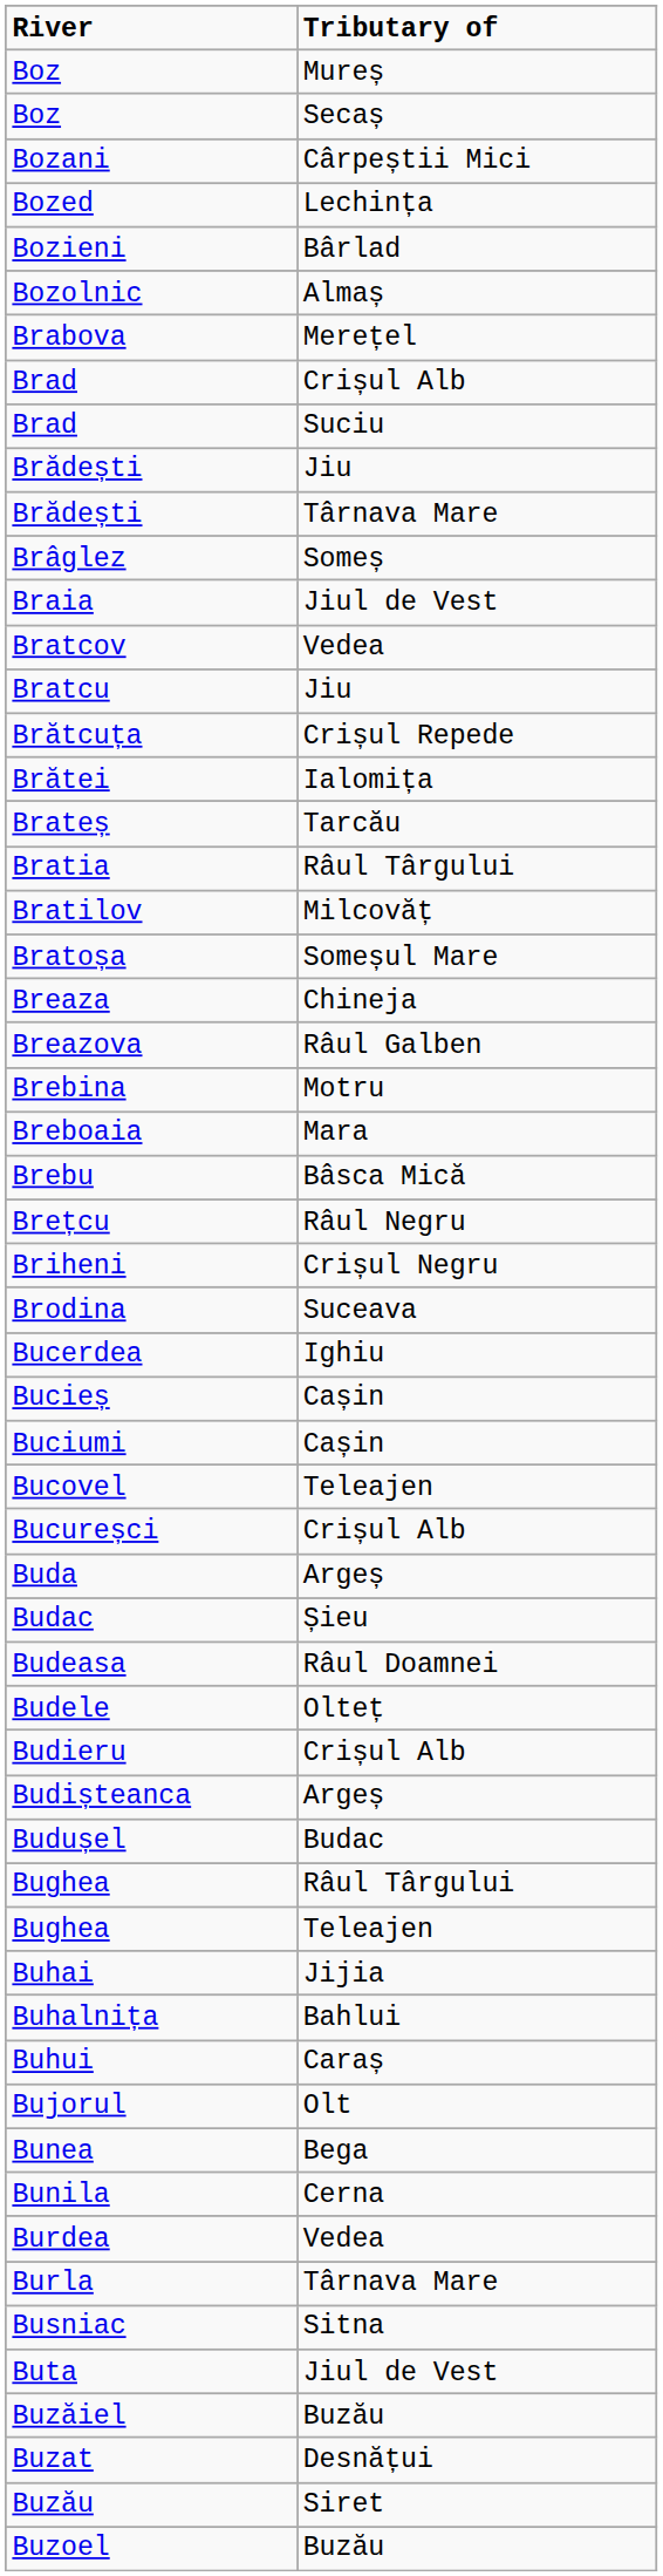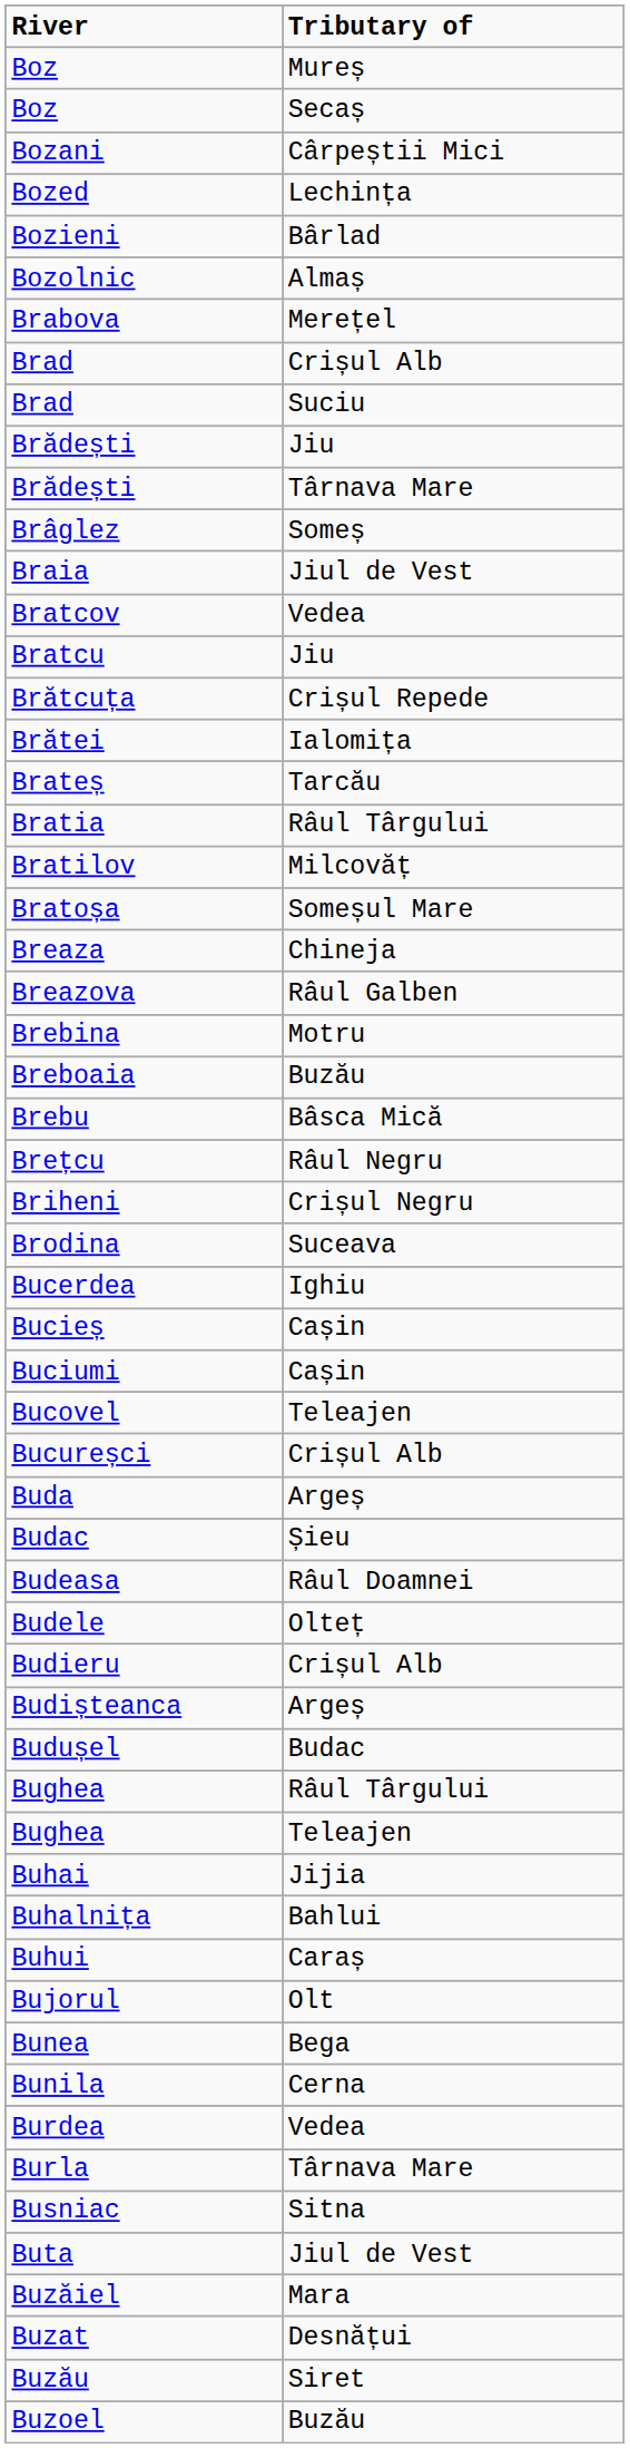 <table class="wikitable">
 <tr>
 <td style="width:100pt;"><strong>River</strong></td>
 <td style="width:125pt;"><strong>Tributary of</strong></td>
 </tr>
 <tr>
 <td><a href='#'>Boz</a></td>
 <td>Mureș</td>
 </tr>
 <tr>
 <td><a href='#'>Boz</a></td>
 <td>Secaș</td>
 </tr>
 <tr>
 <td><a href='#'>Bozani</a></td>
 <td>Cârpeștii Mici</td>
 </tr>
 <tr>
 <td><a href='#'>Bozed</a></td>
 <td>Lechința</td>
 </tr>
 <tr>
 <td><a href='#'>Bozieni</a></td>
 <td>Bârlad</td>
 </tr>
 <tr>
 <td><a href='#'>Bozolnic</a></td>
 <td>Almaș</td>
 </tr>
 <tr>
 <td><a href='#'>Brabova</a></td>
 <td>Merețel</td>
 </tr>
 <tr>
 <td><a href='#'>Brad</a></td>
 <td>Crișul Alb</td>
 </tr>
 <tr>
 <td><a href='#'>Brad</a></td>
 <td>Suciu</td>
 </tr>
 <tr>
 <td><a href='#'>Brădești</a></td>
 <td>Jiu</td>
 </tr>
 <tr>
 <td><a href='#'>Brădești</a></td>
 <td>Târnava Mare</td>
 </tr>
 <tr>
 <td><a href='#'>Brâglez</a></td>
 <td>Someș</td>
 </tr>
 <tr>
 <td><a href='#'>Braia</a></td>
 <td>Jiul de Vest</td>
 </tr>
 <tr>
 <td><a href='#'>Bratcov</a></td>
 <td>Vedea</td>
 </tr>
 <tr>
 <td><a href='#'>Bratcu</a></td>
 <td>Jiu</td>
 </tr>
 <tr>
 <td><a href='#'>Brătcuța</a></td>
 <td>Crișul Repede</td>
 </tr>
 <tr>
 <td><a href='#'>Brătei</a></td>
 <td>Ialomița</td>
 </tr>
 <tr>
 <td><a href='#'>Brateș</a></td>
 <td>Tarcău</td>
 </tr>
 <tr>
 <td><a href='#'>Bratia</a></td>
 <td>Râul Târgului</td>
 </tr>
 <tr>
 <td><a href='#'>Bratilov</a></td>
 <td>Milcovăț</td>
 </tr>
 <tr>
 <td><a href='#'>Bratoșa</a></td>
 <td>Someșul Mare</td>
 </tr>
 <tr>
 <td><a href='#'>Breaza</a></td>
 <td>Chineja</td>
 </tr>
 <tr>
 <td><a href='#'>Breazova</a></td>
 <td>Râul Galben</td>
 </tr>
 <tr>
 <td><a href='#'>Brebina</a></td>
 <td>Motru</td>
 </tr>
 <tr>
 <td><a href='#'>Breboaia</a></td>
-<td>Mara</td>
+<td>Buzău</td>
 </tr>
 <tr>
 <td><a href='#'>Brebu</a></td>
 <td>Bâsca Mică</td>
 </tr>
 <tr>
 <td><a href='#'>Brețcu</a></td>
 <td>Râul Negru</td>
 </tr>
 <tr>
 <td><a href='#'>Briheni</a></td>
 <td>Crișul Negru</td>
 </tr>
 <tr>
 <td><a href='#'>Brodina</a></td>
 <td>Suceava</td>
 </tr>
 <tr>
 <td><a href='#'>Bucerdea</a></td>
 <td>Ighiu</td>
 </tr>
 <tr>
 <td><a href='#'>Bucieș</a></td>
 <td>Cașin</td>
 </tr>
 <tr>
 <td><a href='#'>Buciumi</a></td>
 <td>Cașin</td>
 </tr>
 <tr>
 <td><a href='#'>Bucovel</a></td>
 <td>Teleajen</td>
 </tr>
 <tr>
 <td><a href='#'>Bucureșci</a></td>
 <td>Crișul Alb</td>
 </tr>
 <tr>
 <td><a href='#'>Buda</a></td>
 <td>Argeș</td>
 </tr>
 <tr>
 <td><a href='#'>Budac</a></td>
 <td>Șieu</td>
 </tr>
 <tr>
 <td><a href='#'>Budeasa</a></td>
 <td>Râul Doamnei</td>
 </tr>
 <tr>
 <td><a href='#'>Budele</a></td>
 <td>Olteț</td>
 </tr>
 <tr>
 <td><a href='#'>Budieru</a></td>
 <td>Crișul Alb</td>
 </tr>
 <tr>
 <td><a href='#'>Budișteanca</a></td>
 <td>Argeș</td>
 </tr>
 <tr>
 <td><a href='#'>Budușel</a></td>
 <td>Budac</td>
 </tr>
 <tr>
 <td><a href='#'>Bughea</a></td>
 <td>Râul Târgului</td>
 </tr>
 <tr>
 <td><a href='#'>Bughea</a></td>
 <td>Teleajen</td>
 </tr>
 <tr>
 <td><a href='#'>Buhai</a></td>
 <td>Jijia</td>
 </tr>
 <tr>
 <td><a href='#'>Buhalnița</a></td>
 <td>Bahlui</td>
 </tr>
 <tr>
 <td><a href='#'>Buhui</a></td>
 <td>Caraș</td>
 </tr>
 <tr>
 <td><a href='#'>Bujorul</a></td>
 <td>Olt</td>
 </tr>
 <tr>
 <td><a href='#'>Bunea</a></td>
 <td>Bega</td>
 </tr>
 <tr>
 <td><a href='#'>Bunila</a></td>
 <td>Cerna</td>
 </tr>
 <tr>
 <td><a href='#'>Burdea</a></td>
 <td>Vedea</td>
 </tr>
 <tr>
 <td><a href='#'>Burla</a></td>
 <td>Târnava Mare</td>
 </tr>
 <tr>
 <td><a href='#'>Busniac</a></td>
 <td>Sitna</td>
 </tr>
 <tr>
 <td><a href='#'>Buta</a></td>
 <td>Jiul de Vest</td>
 </tr>
 <tr>
 <td><a href='#'>Buzăiel</a></td>
-<td>Buzău</td>
+<td>Mara</td>
 </tr>
 <tr>
 <td><a href='#'>Buzat</a></td>
 <td>Desnățui</td>
 </tr>
 <tr>
 <td><a href='#'>Buzău</a></td>
 <td>Siret</td>
 </tr>
 <tr>
 <td><a href='#'>Buzoel</a></td>
 <td>Buzău</td>
 </tr>
 </table>
